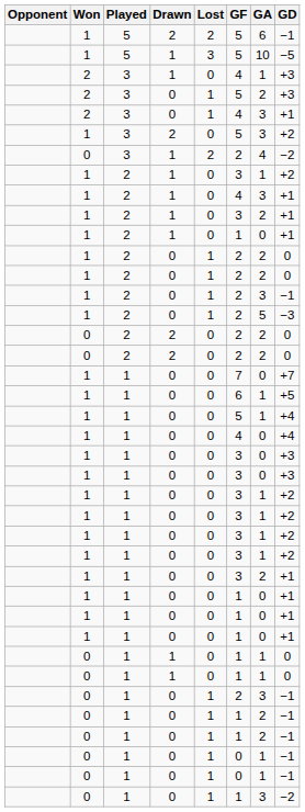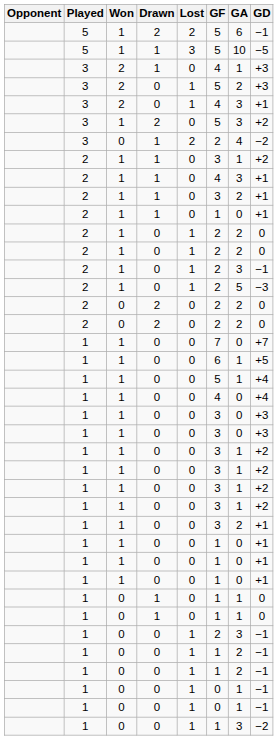 <table class="wikitable sortable" style="text-align:center">
 <tr>
 <th>Opponent</th>
+<th>Played</th>
 <th>Won</th>
-<th>Played</th>
 <th>Drawn</th>
 <th>Lost</th>
 <th>GF</th>
 <th>GA</th>
 <th>GD</th>
 </tr>
 <tr>
 <td align="left"></td>
+<td>5</td>
 <td>1</td>
-<td>5</td>
 <td>2</td>
 <td>2</td>
 <td>5</td>
 <td>6</td>
 <td>−1</td>
 </tr>
 <tr>
 <td align="left"></td>
+<td>5</td>
 <td>1</td>
-<td>5</td>
 <td>1</td>
 <td>3</td>
 <td>5</td>
 <td>10</td>
 <td>−5</td>
 </tr>
 <tr>
 <td align="left"></td>
+<td>3</td>
 <td>2</td>
-<td>3</td>
 <td>1</td>
 <td>0</td>
 <td>4</td>
 <td>1</td>
 <td>+3</td>
 </tr>
 <tr>
 <td align="left"></td>
+<td>3</td>
 <td>2</td>
-<td>3</td>
 <td>0</td>
 <td>1</td>
 <td>5</td>
 <td>2</td>
 <td>+3</td>
 </tr>
 <tr>
 <td align="left"></td>
+<td>3</td>
 <td>2</td>
-<td>3</td>
 <td>0</td>
 <td>1</td>
 <td>4</td>
 <td>3</td>
 <td>+1</td>
 </tr>
 <tr>
 <td align="left"></td>
+<td>3</td>
 <td>1</td>
-<td>3</td>
 <td>2</td>
 <td>0</td>
 <td>5</td>
 <td>3</td>
 <td>+2</td>
 </tr>
 <tr>
 <td align="left"></td>
+<td>3</td>
 <td>0</td>
-<td>3</td>
 <td>1</td>
 <td>2</td>
 <td>2</td>
 <td>4</td>
 <td>−2</td>
 </tr>
 <tr>
 <td align="left"></td>
+<td>2</td>
 <td>1</td>
-<td>2</td>
 <td>1</td>
 <td>0</td>
 <td>3</td>
 <td>1</td>
 <td>+2</td>
 </tr>
 <tr>
 <td align="left"></td>
+<td>2</td>
 <td>1</td>
-<td>2</td>
 <td>1</td>
 <td>0</td>
 <td>4</td>
 <td>3</td>
 <td>+1</td>
 </tr>
 <tr>
 <td align="left"></td>
+<td>2</td>
 <td>1</td>
-<td>2</td>
 <td>1</td>
 <td>0</td>
 <td>3</td>
 <td>2</td>
 <td>+1</td>
 </tr>
 <tr>
 <td align="left"></td>
+<td>2</td>
 <td>1</td>
-<td>2</td>
 <td>1</td>
 <td>0</td>
 <td>1</td>
 <td>0</td>
 <td>+1</td>
 </tr>
 <tr>
 <td align="left"></td>
+<td>2</td>
 <td>1</td>
-<td>2</td>
 <td>0</td>
 <td>1</td>
 <td>2</td>
 <td>2</td>
 <td>0</td>
 </tr>
 <tr>
 <td align="left"></td>
+<td>2</td>
 <td>1</td>
-<td>2</td>
 <td>0</td>
 <td>1</td>
 <td>2</td>
 <td>2</td>
 <td>0</td>
 </tr>
 <tr>
 <td align="left"></td>
+<td>2</td>
 <td>1</td>
-<td>2</td>
 <td>0</td>
 <td>1</td>
 <td>2</td>
 <td>3</td>
 <td>−1</td>
 </tr>
 <tr>
 <td align="left"></td>
+<td>2</td>
 <td>1</td>
-<td>2</td>
 <td>0</td>
 <td>1</td>
 <td>2</td>
 <td>5</td>
 <td>−3</td>
 </tr>
 <tr>
 <td align="left"></td>
+<td>2</td>
 <td>0</td>
-<td>2</td>
 <td>2</td>
 <td>0</td>
 <td>2</td>
 <td>2</td>
 <td>0</td>
 </tr>
 <tr>
 <td align="left"></td>
+<td>2</td>
 <td>0</td>
-<td>2</td>
 <td>2</td>
 <td>0</td>
 <td>2</td>
 <td>2</td>
 <td>0</td>
 </tr>
 <tr>
 <td align="left"></td>
 <td>1</td>
 <td>1</td>
 <td>0</td>
 <td>0</td>
 <td>7</td>
 <td>0</td>
 <td>+7</td>
 </tr>
 <tr>
 <td align="left"></td>
 <td>1</td>
 <td>1</td>
 <td>0</td>
 <td>0</td>
 <td>6</td>
 <td>1</td>
 <td>+5</td>
 </tr>
 <tr>
 <td align="left"></td>
 <td>1</td>
 <td>1</td>
 <td>0</td>
 <td>0</td>
 <td>5</td>
 <td>1</td>
 <td>+4</td>
 </tr>
 <tr>
 <td align="left"></td>
 <td>1</td>
 <td>1</td>
 <td>0</td>
 <td>0</td>
 <td>4</td>
 <td>0</td>
 <td>+4</td>
 </tr>
 <tr>
 <td align="left"></td>
 <td>1</td>
 <td>1</td>
 <td>0</td>
 <td>0</td>
 <td>3</td>
 <td>0</td>
 <td>+3</td>
 </tr>
 <tr>
 <td align="left"></td>
 <td>1</td>
 <td>1</td>
 <td>0</td>
 <td>0</td>
 <td>3</td>
 <td>0</td>
 <td>+3</td>
 </tr>
 <tr>
 <td align="left"></td>
 <td>1</td>
 <td>1</td>
 <td>0</td>
 <td>0</td>
 <td>3</td>
 <td>1</td>
 <td>+2</td>
 </tr>
 <tr>
 <td align="left"></td>
 <td>1</td>
 <td>1</td>
 <td>0</td>
 <td>0</td>
 <td>3</td>
 <td>1</td>
 <td>+2</td>
 </tr>
 <tr>
 <td align="left"></td>
 <td>1</td>
 <td>1</td>
 <td>0</td>
 <td>0</td>
 <td>3</td>
 <td>1</td>
 <td>+2</td>
 </tr>
 <tr>
 <td align="left"></td>
 <td>1</td>
 <td>1</td>
 <td>0</td>
 <td>0</td>
 <td>3</td>
 <td>1</td>
 <td>+2</td>
 </tr>
 <tr>
 <td align="left"></td>
 <td>1</td>
 <td>1</td>
 <td>0</td>
 <td>0</td>
 <td>3</td>
 <td>2</td>
 <td>+1</td>
 </tr>
 <tr>
 <td align="left"></td>
 <td>1</td>
 <td>1</td>
 <td>0</td>
 <td>0</td>
 <td>1</td>
 <td>0</td>
 <td>+1</td>
 </tr>
 <tr>
 <td align="left"></td>
 <td>1</td>
 <td>1</td>
 <td>0</td>
 <td>0</td>
 <td>1</td>
 <td>0</td>
 <td>+1</td>
 </tr>
 <tr>
 <td align="left"></td>
 <td>1</td>
 <td>1</td>
 <td>0</td>
 <td>0</td>
 <td>1</td>
 <td>0</td>
 <td>+1</td>
 </tr>
 <tr>
 <td align="left"></td>
+<td>1</td>
 <td>0</td>
-<td>1</td>
 <td>1</td>
 <td>0</td>
 <td>1</td>
 <td>1</td>
 <td>0</td>
 </tr>
 <tr>
 <td align="left"></td>
+<td>1</td>
 <td>0</td>
-<td>1</td>
 <td>1</td>
 <td>0</td>
 <td>1</td>
 <td>1</td>
 <td>0</td>
 </tr>
 <tr>
 <td align="left"></td>
+<td>1</td>
 <td>0</td>
-<td>1</td>
 <td>0</td>
 <td>1</td>
 <td>2</td>
 <td>3</td>
 <td>−1</td>
 </tr>
 <tr>
 <td align="left"></td>
+<td>1</td>
 <td>0</td>
-<td>1</td>
 <td>0</td>
 <td>1</td>
 <td>1</td>
 <td>2</td>
 <td>−1</td>
 </tr>
 <tr>
 <td align="left"></td>
+<td>1</td>
 <td>0</td>
-<td>1</td>
 <td>0</td>
 <td>1</td>
 <td>1</td>
 <td>2</td>
 <td>−1</td>
 </tr>
 <tr>
 <td align="left"></td>
+<td>1</td>
 <td>0</td>
-<td>1</td>
 <td>0</td>
 <td>1</td>
 <td>0</td>
 <td>1</td>
 <td>−1</td>
 </tr>
 <tr>
 <td align="left"></td>
+<td>1</td>
 <td>0</td>
-<td>1</td>
 <td>0</td>
 <td>1</td>
 <td>0</td>
 <td>1</td>
 <td>−1</td>
 </tr>
 <tr>
 <td align="left"></td>
+<td>1</td>
 <td>0</td>
-<td>1</td>
 <td>0</td>
 <td>1</td>
 <td>1</td>
 <td>3</td>
 <td>−2</td>
 </tr>
 </table>
